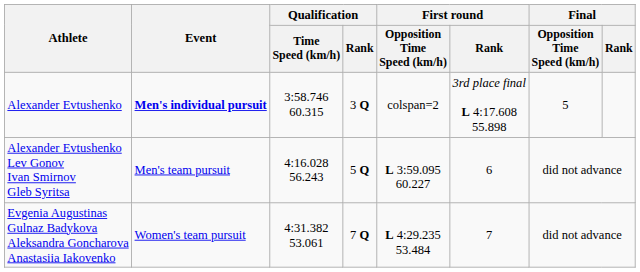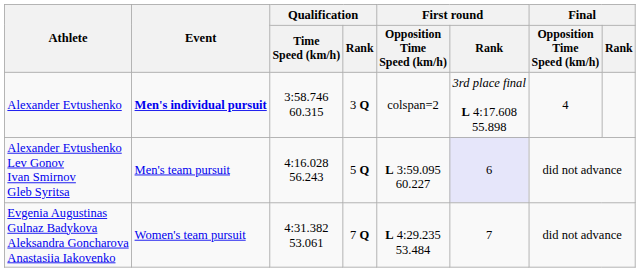 <table class="wikitable" style="font-size:90%">
 <tr>
 <th rowspan="2">Athlete</th>
 <th rowspan="2">Event</th>
 <th colspan=2>Qualification</th>
 <th colspan=2>First round</th>
 <th colspan=2>Final</th>
 </tr>
 <tr style="font-size:95%">
 <th>Time<br>Speed (km/h)</th>
 <th>Rank</th>
 <th>Opposition<br>Time<br>Speed (km/h)</th>
 <th>Rank</th>
 <th>Opposition<br>Time<br>Speed (km/h)</th>
 <th>Rank</th>
 </tr>
 <tr align=center>
 <td align=left><a href='#'>Alexander Evtushenko</a></td>
 <td align=left><strong><a href='#'>Men's individual pursuit</a></strong></td>
 <td>3:58.746<br>60.315</td>
 <td>3 <strong>Q</strong></td>
 <td>colspan=2 </td>
 <td><em>3rd place final</em><br><br><strong>L</strong> 4:17.608<br>55.898</td>
-<td>5</td>
+<td>4</td>
 </tr>
 <tr align=center>
 <td align=left><a href='#'>Alexander Evtushenko</a><br><a href='#'>Lev Gonov</a><br><a href='#'>Ivan Smirnov</a><br><a href='#'>Gleb Syritsa</a></td>
 <td align=left><a href='#'>Men's team pursuit</a></td>
 <td>4:16.028<br>56.243</td>
 <td>5 <strong>Q</strong></td>
 <td><br><strong>L</strong> 3:59.095<br>60.227</td>
-<td>6</td>
+<td style="background: lavender;">6</td>
 <td colspan=2>did not advance</td>
 </tr>
 <tr align=center>
 <td align=left><a href='#'>Evgenia Augustinas</a><br><a href='#'>Gulnaz Badykova</a><br><a href='#'>Aleksandra Goncharova</a><br><a href='#'>Anastasiia Iakovenko</a></td>
 <td align=left><a href='#'>Women's team pursuit</a></td>
 <td>4:31.382<br>53.061</td>
 <td>7 <strong>Q</strong></td>
 <td><br><strong>L</strong> 4:29.235<br>53.484</td>
 <td>7</td>
 <td colspan=2>did not advance</td>
 </tr>
 </table>
